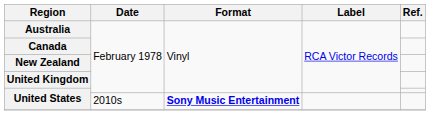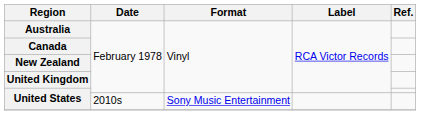 <table class="wikitable plainrowheaders">
 <tr>
 <th scope="col">Region</th>
 <th scope="col">Date</th>
 <th scope="col">Format</th>
 <th scope="col">Label</th>
 <th scope="col">Ref.</th>
 </tr>
 <tr>
 <th scope="row">Australia</th>
 <td rowspan="5">February 1978</td>
 <td rowspan="5">Vinyl</td>
 <td rowspan="5"><a href='#'>RCA Victor Records</a></td>
 <td></td>
 </tr>
 <tr>
 <th scope="row">Canada</th>
 <td></td>
 </tr>
 <tr>
 <th scope="row">New Zealand</th>
 <td></td>
 </tr>
 <tr>
 <th scope="row">United Kingdom</th>
 <td></td>
 </tr>
 <tr>
 <th scope="row" rowspan="2">United States</th>
 <td></td>
 </tr>
 <tr>
 <td>2010s</td>
-<td><strong><a href='#'>Sony Music Entertainment</a></strong></td>
+<td><a href='#'>Sony Music Entertainment</a></td>
 <td></td>
 <td></td>
 </tr>
 <tr>
 </tr>
 </table>
